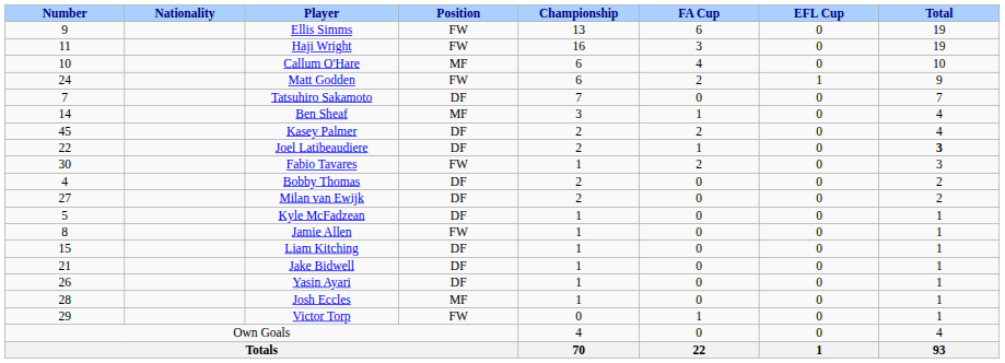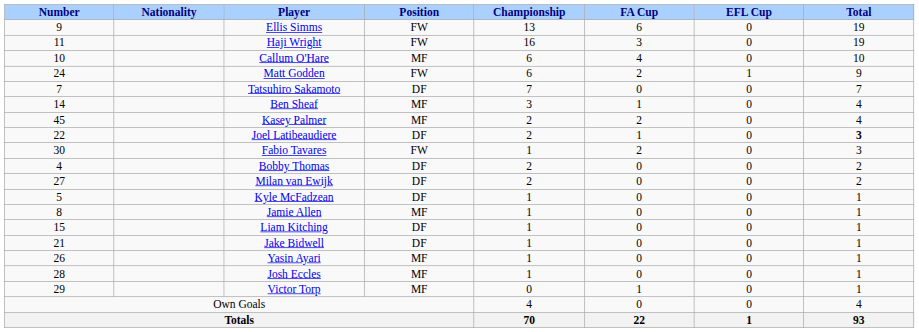 <table class="wikitable sortable alternance" style="font-size:100%; text-align:center; line-height:14px; width:100%;">
 <tr>
 <th style="background:#AAD0FF; color:#000080; width:100px;">Number</th>
 <th style="background:#AAD0FF; color:#000080; width:100px;">Nationality</th>
 <th style="background:#AAD0FF; color:#000080; width:130px;">Player</th>
 <th style="background:#AAD0FF; color:#000080; width:100px;">Position</th>
 <th style="background:#AAD0FF; color:#000080; width:100px;">Championship</th>
 <th style="background:#AAD0FF; color:#000080; width:100px;">FA Cup</th>
 <th style="background:#AAD0FF; color:#000080; width:100px;">EFL Cup</th>
 <th style="background:#AAD0FF; color:#000080; width:100px;">Total</th>
 </tr>
 <tr>
 <td>9</td>
 <td></td>
 <td><a href='#'>Ellis Simms</a></td>
 <td>FW</td>
 <td>13</td>
 <td>6</td>
 <td>0</td>
 <td>19</td>
 </tr>
 <tr>
 <td>11</td>
 <td></td>
 <td><a href='#'>Haji Wright</a></td>
 <td>FW</td>
 <td>16</td>
 <td>3</td>
 <td>0</td>
 <td>19</td>
 </tr>
 <tr>
 <td>10</td>
 <td></td>
 <td><a href='#'>Callum O'Hare</a></td>
 <td>MF</td>
 <td>6</td>
 <td>4</td>
 <td>0</td>
 <td>10</td>
 </tr>
 <tr>
 <td>24</td>
 <td></td>
 <td><a href='#'>Matt Godden</a></td>
 <td>FW</td>
 <td>6</td>
 <td>2</td>
 <td>1</td>
 <td>9</td>
 </tr>
 <tr>
 <td>7</td>
 <td></td>
 <td><a href='#'>Tatsuhiro Sakamoto</a></td>
 <td>DF</td>
 <td>7</td>
 <td>0</td>
 <td>0</td>
 <td>7</td>
 </tr>
 <tr>
 <td>14</td>
 <td></td>
 <td><a href='#'>Ben Sheaf</a></td>
 <td>MF</td>
 <td>3</td>
 <td>1</td>
 <td>0</td>
 <td>4</td>
 </tr>
 <tr>
 <td>45</td>
 <td></td>
 <td><a href='#'>Kasey Palmer</a></td>
-<td>DF</td>
+<td>MF</td>
 <td>2</td>
 <td>2</td>
 <td>0</td>
 <td>4</td>
 </tr>
 <tr>
 <td>22</td>
 <td></td>
 <td><a href='#'>Joel Latibeaudiere</a></td>
 <td>DF</td>
 <td>2</td>
 <td>1</td>
 <td>0</td>
 <td><strong>3</strong></td>
 </tr>
 <tr>
 <td>30</td>
 <td></td>
 <td><a href='#'>Fabio Tavares</a></td>
 <td>FW</td>
 <td>1</td>
 <td>2</td>
 <td>0</td>
 <td>3</td>
 </tr>
 <tr>
 <td>4</td>
 <td></td>
 <td><a href='#'>Bobby Thomas</a></td>
 <td>DF</td>
 <td>2</td>
 <td>0</td>
 <td>0</td>
 <td>2</td>
 </tr>
 <tr>
 <td>27</td>
 <td></td>
 <td><a href='#'>Milan van Ewijk</a></td>
 <td>DF</td>
 <td>2</td>
 <td>0</td>
 <td>0</td>
 <td>2</td>
 </tr>
 <tr>
 <td>5</td>
 <td></td>
 <td><a href='#'>Kyle McFadzean</a></td>
 <td>DF</td>
 <td>1</td>
 <td>0</td>
 <td>0</td>
 <td>1</td>
 </tr>
 <tr>
 <td>8</td>
 <td></td>
 <td><a href='#'>Jamie Allen</a></td>
-<td>FW</td>
+<td>MF</td>
 <td>1</td>
 <td>0</td>
 <td>0</td>
 <td>1</td>
 </tr>
 <tr>
 <td>15</td>
 <td></td>
 <td><a href='#'>Liam Kitching</a></td>
 <td>DF</td>
 <td>1</td>
 <td>0</td>
 <td>0</td>
 <td>1</td>
 </tr>
 <tr>
 <td>21</td>
 <td></td>
 <td><a href='#'>Jake Bidwell</a></td>
 <td>DF</td>
 <td>1</td>
 <td>0</td>
 <td>0</td>
 <td>1</td>
 </tr>
 <tr>
 <td>26</td>
 <td></td>
 <td><a href='#'>Yasin Ayari</a></td>
-<td>DF</td>
+<td>MF</td>
 <td>1</td>
 <td>0</td>
 <td>0</td>
 <td>1</td>
 </tr>
 <tr>
 <td>28</td>
 <td></td>
 <td><a href='#'>Josh Eccles</a></td>
 <td>MF</td>
 <td>1</td>
 <td>0</td>
 <td>0</td>
 <td>1</td>
 </tr>
 <tr>
 <td>29</td>
 <td></td>
 <td><a href='#'>Victor Torp</a></td>
-<td>FW</td>
+<td>MF</td>
 <td>0</td>
 <td>1</td>
 <td>0</td>
 <td>1</td>
 </tr>
 <tr>
 <td colspan="4">Own Goals</td>
 <td>4</td>
 <td>0</td>
 <td>0</td>
 <td>4</td>
 </tr>
 <tr class="sortbottom">
 <th colspan="4">Totals</th>
 <th>70</th>
 <th>22</th>
 <th>1</th>
 <th>93</th>
 </tr>
 </table>
